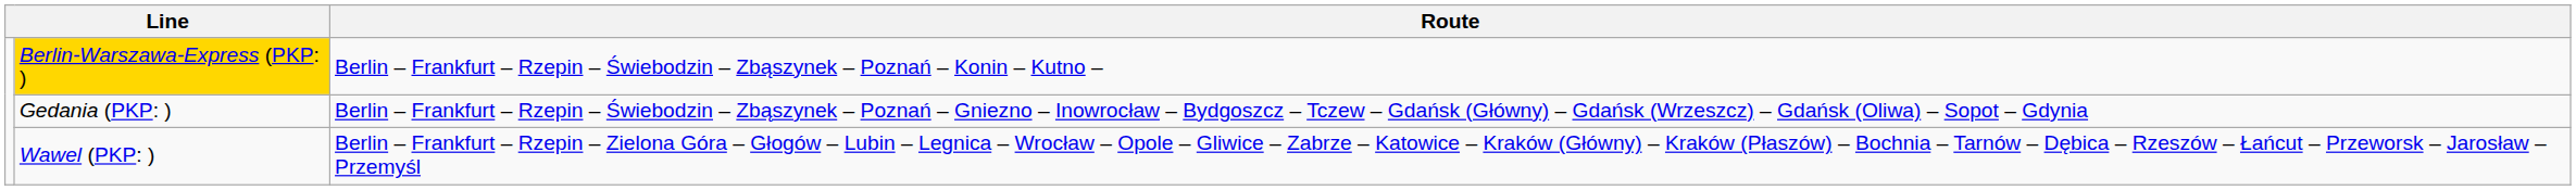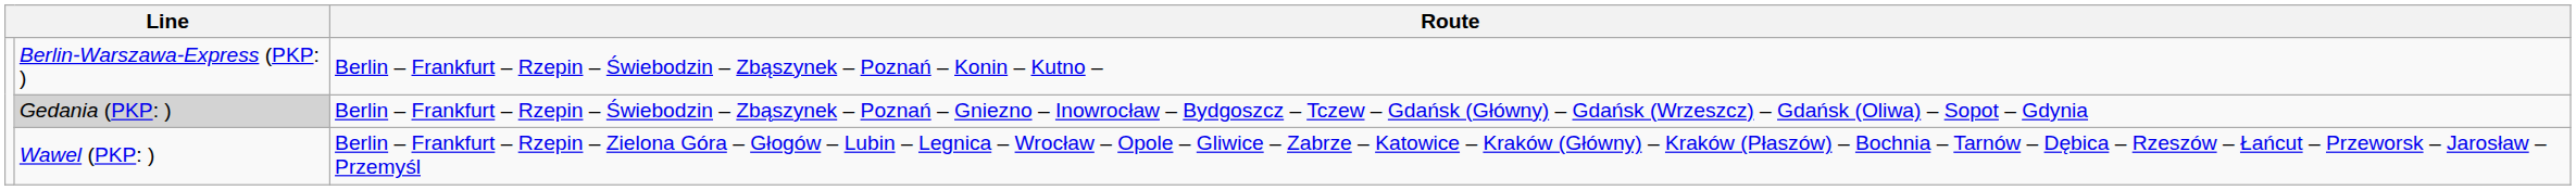 <table class="wikitable">
 <tr>
 <th colspan=2>Line</th>
 <th>Route</th>
 </tr>
 <tr>
 <td rowspan="3"></td>
-<td style="background: gold;"><em><a href='#'>Berlin-Warszawa-Express</a></em> (<a href='#'>PKP</a>: )</td>
+<td><em><a href='#'>Berlin-Warszawa-Express</a></em> (<a href='#'>PKP</a>: )</td>
 <td><a href='#'>Berlin</a> –  <a href='#'>Frankfurt</a> – <a href='#'>Rzepin</a> – <a href='#'>Świebodzin</a> – <a href='#'>Zbąszynek</a> – <a href='#'>Poznań</a> – <a href='#'>Konin</a> – <a href='#'>Kutno</a> –   </td>
 </tr>
 <tr>
-<td><em>Gedania</em> (<a href='#'>PKP</a>: )</td>
+<td style="background: lightgrey;"><em>Gedania</em> (<a href='#'>PKP</a>: )</td>
 <td><a href='#'>Berlin</a> –  <a href='#'>Frankfurt</a> – <a href='#'>Rzepin</a> – <a href='#'>Świebodzin</a> – <a href='#'>Zbąszynek</a> – <a href='#'>Poznań</a> – <a href='#'>Gniezno</a> – <a href='#'>Inowrocław</a> – <a href='#'>Bydgoszcz</a> – <a href='#'>Tczew</a> – <a href='#'>Gdańsk (Główny)</a> – <a href='#'>Gdańsk (Wrzeszcz)</a> – <a href='#'>Gdańsk (Oliwa)</a> – <a href='#'>Sopot</a> – <a href='#'>Gdynia</a></td>
 </tr>
 <tr>
 <td><em><a href='#'>Wawel</a></em> (<a href='#'>PKP</a>: )</td>
 <td><a href='#'>Berlin</a> –  <a href='#'>Frankfurt</a> – <a href='#'>Rzepin</a> – <a href='#'>Zielona Góra</a> – <a href='#'>Głogów</a> – <a href='#'>Lubin</a> – <a href='#'>Legnica</a> – <a href='#'>Wrocław</a> – <a href='#'>Opole</a> – <a href='#'>Gliwice</a> – <a href='#'>Zabrze</a> – <a href='#'>Katowice</a> – <a href='#'>Kraków (Główny)</a> – <a href='#'>Kraków (Płaszów)</a> – <a href='#'>Bochnia</a> – <a href='#'>Tarnów</a> – <a href='#'>Dębica</a> – <a href='#'>Rzeszów</a> – <a href='#'>Łańcut</a> – <a href='#'>Przeworsk</a> – <a href='#'>Jarosław</a> – <a href='#'>Przemyśl</a></td>
 </tr>
 </table>
